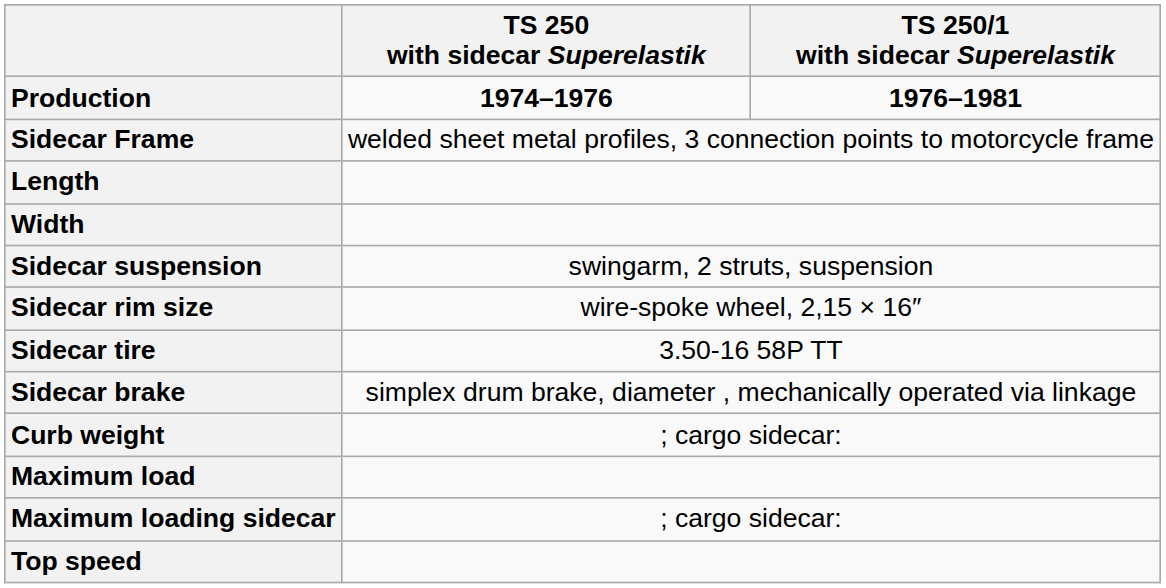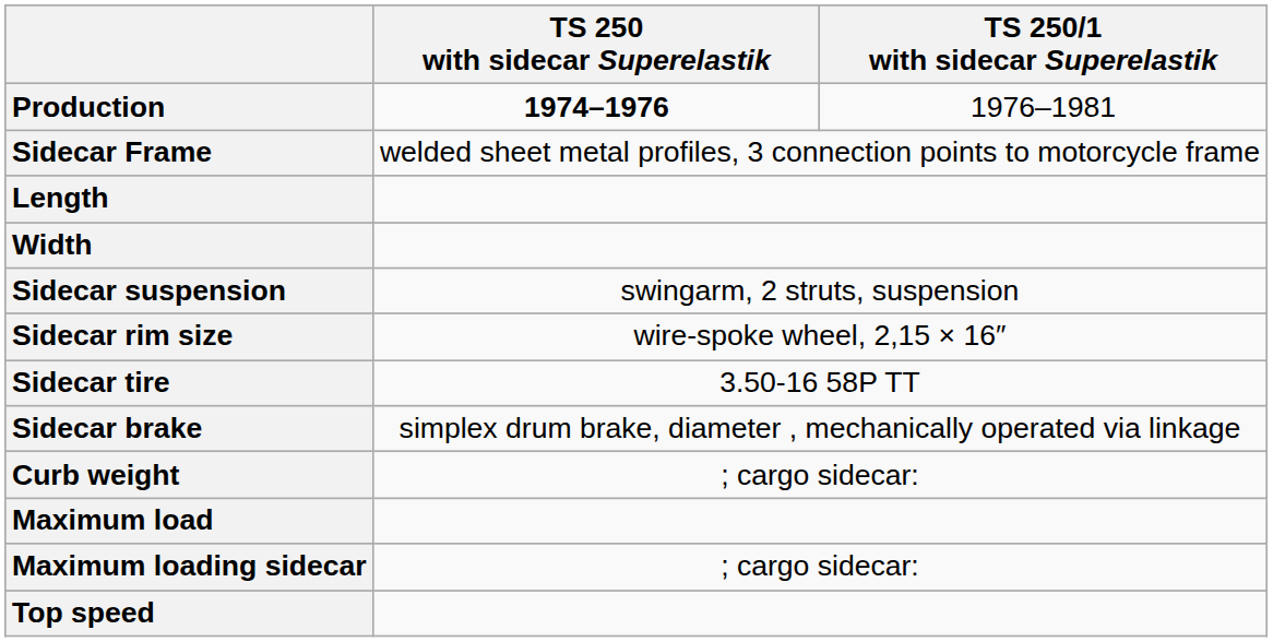 <table class="wikitable" style="text-align:center;">
 <tr>
 <th></th>
 <th>TS 250<br>with sidecar <em>Superelastik</em></th>
 <th>TS 250/1<br>with sidecar <em>Superelastik</em></th>
 </tr>
 <tr>
 <th style="text-align:left;">Production</th>
 <td><strong>1974–1976</strong></td>
-<td><strong>1976–1981</strong></td>
+<td>1976–1981</td>
 </tr>
 <tr>
 <th style="text-align:left;">Sidecar Frame</th>
 <td colspan="2">welded sheet metal profiles, 3 connection points to motorcycle frame</td>
 </tr>
 <tr>
 <th style="text-align:left;">Length</th>
 <td colspan="2"></td>
 </tr>
 <tr>
 <th style="text-align:left;">Width</th>
 <td colspan="2"></td>
 </tr>
 <tr>
 <th style="text-align:left;">Sidecar suspension</th>
 <td colspan="2">swingarm, 2 struts, suspension </td>
 </tr>
 <tr>
 <th style="text-align:left;">Sidecar rim size</th>
 <td colspan="2">wire-spoke wheel, 2,15 × 16″</td>
 </tr>
 <tr>
 <th style="text-align:left;">Sidecar tire</th>
 <td colspan="2">3.50-16 58P TT</td>
 </tr>
 <tr>
 <th style="text-align:left;">Sidecar brake</th>
 <td colspan="2">simplex drum brake, diameter , mechanically operated via linkage</td>
 </tr>
 <tr>
 <th style="text-align:left;">Curb weight</th>
 <td colspan="2">; cargo sidecar: </td>
 </tr>
 <tr>
 <th style="text-align:left;">Maximum load</th>
 <td colspan="2"></td>
 </tr>
 <tr>
 <th style="text-align:left;">Maximum loading sidecar</th>
 <td colspan="2">; cargo sidecar: </td>
 </tr>
 <tr>
 <th style="text-align:left;">Top speed</th>
 <td colspan="5"></td>
 </tr>
 </table>
